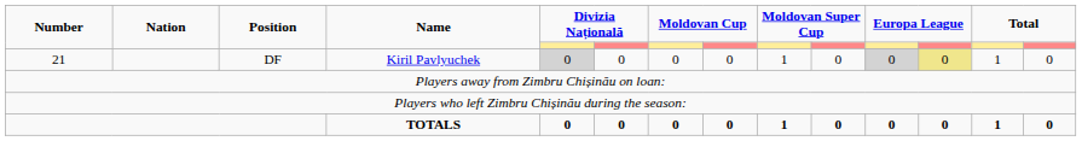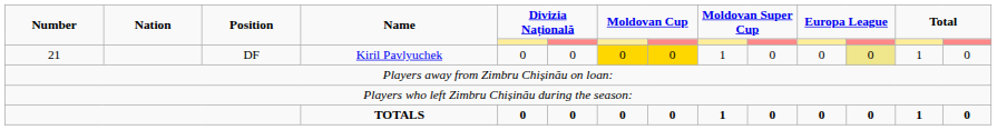 <table class="wikitable" style="font-size: 100%; text-align: center;">
 <tr>
 <td rowspan="2" width="10%" align="center"><strong>Number</strong></td>
 <td rowspan="2" width="10%" align="center"><strong>Nation</strong></td>
 <td rowspan="2" width="10%" align="center"><strong>Position</strong></td>
 <td rowspan="2" width="20%" align="center"><strong>Name</strong></td>
 <td colspan="2" align="center"><strong><a href='#'>Divizia Națională</a></strong></td>
 <td colspan="2" align="center"><strong><a href='#'>Moldovan Cup</a></strong></td>
 <td colspan="2" align="center"><strong><a href='#'>Moldovan Super Cup</a></strong></td>
 <td colspan="2" align="center"><strong><a href='#'>Europa League</a></strong></td>
 <td colspan="2" align="center"><strong>Total</strong></td>
 </tr>
 <tr>
 <th width=60 style="background: #FFEE99"></th>
 <th width=60 style="background: #FF8888"></th>
 <th width=60 style="background: #FFEE99"></th>
 <th width=60 style="background: #FF8888"></th>
 <th width=60 style="background: #FFEE99"></th>
 <th width=60 style="background: #FF8888"></th>
 <th width=60 style="background: #FFEE99"></th>
 <th width=60 style="background: #FF8888"></th>
 <th width=60 style="background: #FFEE99"></th>
 <th width=60 style="background: #FF8888"></th>
 </tr>
 <tr>
 <td>21</td>
 <td></td>
 <td>DF</td>
 <td><a href='#'>Kiril Pavlyuchek</a></td>
-<td style="background: lightgrey;">0</td>
 <td>0</td>
 <td>0</td>
-<td>0</td>
+<td style="background: gold;">0</td>
+<td style="background: gold;">0</td>
 <td>1</td>
 <td>0</td>
-<td style="background: lightgrey;">0</td>
+<td>0</td>
 <td style="background: khaki;">0</td>
 <td>1</td>
 <td>0</td>
 </tr>
 <tr>
 <td colspan="16"><em>Players away from Zimbru Chișinău on loan:</em></td>
 </tr>
 <tr>
 <td colspan="16"><em>Players who left Zimbru Chișinău during the season:</em></td>
 </tr>
 <tr>
 <td colspan="3"></td>
 <td><strong>TOTALS</strong></td>
 <td><strong>0</strong></td>
 <td><strong>0</strong></td>
 <td><strong>0</strong></td>
 <td><strong>0</strong></td>
 <td><strong>1</strong></td>
 <td><strong>0</strong></td>
 <td><strong>0</strong></td>
 <td><strong>0</strong></td>
 <td><strong>1</strong></td>
 <td><strong>0</strong></td>
 </tr>
 </table>
